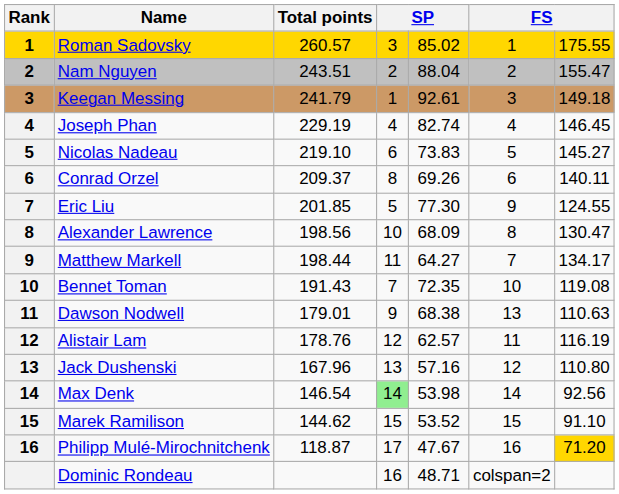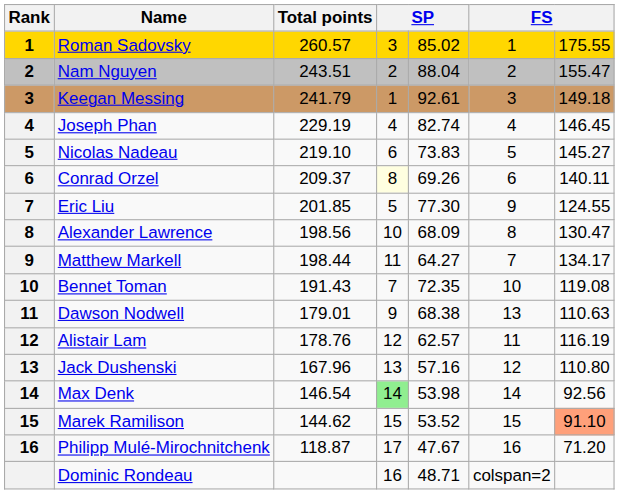 <table class="wikitable sortable">
 <tr>
 <th>Rank</th>
 <th>Name</th>
 <th>Total points</th>
 <th colspan="2" width="80px"><a href='#'>SP</a></th>
 <th colspan="2" width="80px"><a href='#'>FS</a></th>
 </tr>
 <tr bgcolor="gold">
 <td align="center"><strong>1</strong></td>
 <td><a href='#'>Roman Sadovsky</a></td>
 <td align="center">260.57</td>
 <td align="center">3</td>
 <td align="center">85.02</td>
 <td align="center">1</td>
 <td align="center">175.55</td>
 </tr>
 <tr bgcolor="silver">
 <td align="center"><strong>2</strong></td>
 <td><a href='#'>Nam Nguyen</a></td>
 <td align="center">243.51</td>
 <td align="center">2</td>
 <td align="center">88.04</td>
 <td align="center">2</td>
 <td align="center">155.47</td>
 </tr>
 <tr bgcolor="cc9966">
 <td align="center"><strong>3</strong></td>
 <td><a href='#'>Keegan Messing</a></td>
 <td align="center">241.79</td>
 <td align="center">1</td>
 <td align="center">92.61</td>
 <td align="center">3</td>
 <td align="center">149.18</td>
 </tr>
 <tr>
 <th>4</th>
 <td><a href='#'>Joseph Phan</a></td>
 <td align="center">229.19</td>
 <td align="center">4</td>
 <td align="center">82.74</td>
 <td align="center">4</td>
 <td align="center">146.45</td>
 </tr>
 <tr>
 <th>5</th>
 <td><a href='#'>Nicolas Nadeau</a></td>
 <td align="center">219.10</td>
 <td align="center">6</td>
 <td align="center">73.83</td>
 <td align="center">5</td>
 <td align="center">145.27</td>
 </tr>
 <tr>
 <th>6</th>
 <td><a href='#'>Conrad Orzel</a></td>
 <td align="center">209.37</td>
-<td align="center">8</td>
+<td align="center" style="background: lightyellow;">8</td>
 <td align="center">69.26</td>
 <td align="center">6</td>
 <td align="center">140.11</td>
 </tr>
 <tr>
 <th>7</th>
 <td><a href='#'>Eric Liu</a></td>
 <td align="center">201.85</td>
 <td align="center">5</td>
 <td align="center">77.30</td>
 <td align="center">9</td>
 <td align="center">124.55</td>
 </tr>
 <tr>
 <th>8</th>
 <td><a href='#'>Alexander Lawrence</a></td>
 <td align="center">198.56</td>
 <td align="center">10</td>
 <td align="center">68.09</td>
 <td align="center">8</td>
 <td align="center">130.47</td>
 </tr>
 <tr>
 <th>9</th>
 <td><a href='#'>Matthew Markell</a></td>
 <td align="center">198.44</td>
 <td align="center">11</td>
 <td align="center">64.27</td>
 <td align="center">7</td>
 <td align="center">134.17</td>
 </tr>
 <tr>
 <th>10</th>
 <td><a href='#'>Bennet Toman</a></td>
 <td align="center">191.43</td>
 <td align="center">7</td>
 <td align="center">72.35</td>
 <td align="center">10</td>
 <td align="center">119.08</td>
 </tr>
 <tr>
 <th>11</th>
 <td><a href='#'>Dawson Nodwell</a></td>
 <td align="center">179.01</td>
 <td align="center">9</td>
 <td align="center">68.38</td>
 <td align="center">13</td>
 <td align="center">110.63</td>
 </tr>
 <tr>
 <th>12</th>
 <td><a href='#'>Alistair Lam</a></td>
 <td align="center">178.76</td>
 <td align="center">12</td>
 <td align="center">62.57</td>
 <td align="center">11</td>
 <td align="center">116.19</td>
 </tr>
 <tr>
 <th>13</th>
 <td><a href='#'>Jack Dushenski</a></td>
 <td align="center">167.96</td>
 <td align="center">13</td>
 <td align="center">57.16</td>
 <td align="center">12</td>
 <td align="center">110.80</td>
 </tr>
 <tr>
 <th>14</th>
 <td><a href='#'>Max Denk</a></td>
 <td align="center">146.54</td>
 <td align="center" style="background: lightgreen;">14</td>
 <td align="center">53.98</td>
 <td align="center">14</td>
 <td align="center">92.56</td>
 </tr>
 <tr>
 <th>15</th>
 <td><a href='#'>Marek Ramilison</a></td>
 <td align="center">144.62</td>
 <td align="center">15</td>
 <td align="center">53.52</td>
 <td align="center">15</td>
-<td align="center">91.10</td>
+<td align="center" style="background: lightsalmon;">91.10</td>
 </tr>
 <tr>
 <th>16</th>
 <td><a href='#'>Philipp Mulé-Mirochnitchenk</a></td>
 <td align="center">118.87</td>
 <td align="center">17</td>
 <td align="center">47.67</td>
 <td align="center">16</td>
-<td align="center" style="background: gold;">71.20</td>
+<td align="center">71.20</td>
 </tr>
 <tr>
 <th></th>
 <td><a href='#'>Dominic Rondeau</a></td>
 <td></td>
 <td align="center">16</td>
 <td align="center">48.71</td>
 <td>colspan=2 </td>
 </tr>
 </table>
